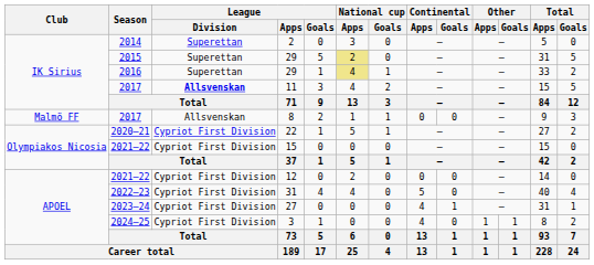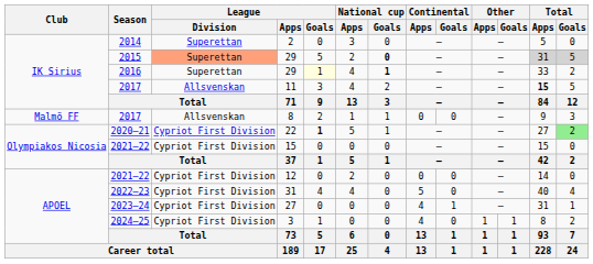 <table class="wikitable" style="text-align:center">
 <tr>
 <th rowspan="2">Club</th>
 <th rowspan="2">Season</th>
 <th colspan="3">League</th>
 <th colspan="2">National cup</th>
 <th colspan="2">Continental</th>
 <th colspan="2">Other</th>
 <th colspan="2">Total</th>
 </tr>
 <tr>
 <th>Division</th>
 <th>Apps</th>
 <th>Goals</th>
 <th>Apps</th>
 <th>Goals</th>
 <th>Apps</th>
 <th>Goals</th>
 <th>Apps</th>
 <th>Goals</th>
 <th>Apps</th>
 <th>Goals</th>
 </tr>
 <tr>
 <td rowspan="5"><a href='#'>IK Sirius</a></td>
 <td><a href='#'>2014</a></td>
 <td><a href='#'>Superettan</a></td>
 <td>2</td>
 <td>0</td>
 <td>3</td>
 <td>0</td>
 <td colspan="2">–</td>
 <td colspan="2">–</td>
 <td>5</td>
 <td>0</td>
 </tr>
 <tr>
 <td><a href='#'>2015</a></td>
-<td>Superettan</td>
+<td style="background: lightsalmon;">Superettan</td>
 <td>29</td>
 <td>5</td>
-<td style="background: khaki;">2</td>
-<td>0</td>
+<td>2</td>
+<td><strong>0</strong></td>
 <td colspan="2">–</td>
 <td colspan="2">–</td>
-<td>31</td>
-<td>5</td>
+<td style="background: lightgrey;">31</td>
+<td style="background: lightgrey;">5</td>
 </tr>
 <tr>
 <td><a href='#'>2016</a></td>
 <td>Superettan</td>
 <td>29</td>
-<td>1</td>
-<td style="background: khaki;">4</td>
-<td>1</td>
+<td style="background: lightyellow;">1</td>
+<td>4</td>
+<td><strong>1</strong></td>
 <td colspan="2">–</td>
 <td colspan="2">–</td>
 <td>33</td>
 <td>2</td>
 </tr>
 <tr>
 <td><a href='#'>2017</a></td>
-<td><strong><a href='#'>Allsvenskan</a></strong></td>
+<td><a href='#'>Allsvenskan</a></td>
 <td>11</td>
 <td>3</td>
 <td>4</td>
 <td>2</td>
 <td colspan="2">–</td>
 <td colspan="2">–</td>
-<td>15</td>
+<td><strong>15</strong></td>
 <td>5</td>
 </tr>
 <tr>
 <th colspan="2">Total</th>
 <th>71</th>
 <th>9</th>
 <th>13</th>
 <th>3</th>
 <th colspan="2">–</th>
 <th colspan="2">–</th>
 <th>84</th>
 <th>12</th>
 </tr>
 <tr>
 <td><a href='#'>Malmö FF</a></td>
 <td><a href='#'>2017</a></td>
 <td>Allsvenskan</td>
 <td>8</td>
 <td>2</td>
 <td>1</td>
 <td>1</td>
 <td>0</td>
 <td>0</td>
 <td colspan="2">–</td>
 <td>9</td>
 <td>3</td>
 </tr>
 <tr>
 <td rowspan="3"><a href='#'>Olympiakos Nicosia</a></td>
 <td><a href='#'>2020–21</a></td>
 <td><a href='#'>Cypriot First Division</a></td>
 <td>22</td>
-<td>1</td>
+<td><strong>1</strong></td>
 <td>5</td>
 <td>1</td>
 <td colspan="2">–</td>
 <td colspan="2">–</td>
 <td>27</td>
-<td>2</td>
+<td style="background: lightgreen;">2</td>
 </tr>
 <tr>
 <td><a href='#'>2021–22</a></td>
 <td>Cypriot First Division</td>
 <td>15</td>
 <td>0</td>
 <td>0</td>
 <td>0</td>
 <td colspan="2">–</td>
 <td colspan="2">–</td>
 <td>15</td>
 <td>0</td>
 </tr>
 <tr>
 <th colspan="2">Total</th>
 <th>37</th>
 <th>1</th>
 <th>5</th>
 <th>1</th>
 <th colspan="2">–</th>
 <th colspan="2">–</th>
 <th>42</th>
 <th>2</th>
 </tr>
 <tr>
 <td rowspan="5"><a href='#'>APOEL</a></td>
 <td><a href='#'>2021–22</a></td>
 <td>Cypriot First Division</td>
 <td>12</td>
 <td>0</td>
 <td>2</td>
 <td>0</td>
 <td>0</td>
 <td>0</td>
 <td colspan="2">–</td>
 <td>14</td>
 <td>0</td>
 </tr>
 <tr>
 <td><a href='#'>2022–23</a></td>
 <td>Cypriot First Division</td>
 <td>31</td>
 <td>4</td>
 <td>4</td>
 <td>0</td>
 <td>5</td>
 <td>0</td>
 <td colspan="2">–</td>
 <td>40</td>
 <td>4</td>
 </tr>
 <tr>
 <td><a href='#'>2023–24</a></td>
 <td>Cypriot First Division</td>
 <td>27</td>
 <td>0</td>
 <td>0</td>
 <td>0</td>
 <td>4</td>
 <td>1</td>
 <td colspan="2">—</td>
 <td>31</td>
 <td>1</td>
 </tr>
 <tr>
 <td><a href='#'>2024–25</a></td>
 <td>Cypriot First Division</td>
 <td>3</td>
 <td>1</td>
 <td>0</td>
 <td>0</td>
 <td>4</td>
 <td>0</td>
 <td>1</td>
 <td>1</td>
 <td>8</td>
 <td>2</td>
 </tr>
 <tr>
 <th colspan="2">Total</th>
 <th>73</th>
 <th>5</th>
 <th>6</th>
 <th>0</th>
 <th>13</th>
 <th>1</th>
 <th>1</th>
 <th>1</th>
 <th>93</th>
 <th>7</th>
 </tr>
 <tr>
 <th colspan="3">Career total</th>
 <th>189</th>
 <th>17</th>
 <th>25</th>
 <th>4</th>
 <th>13</th>
 <th>1</th>
 <th>1</th>
 <th>1</th>
 <th>228</th>
 <th>24</th>
 </tr>
 </table>
